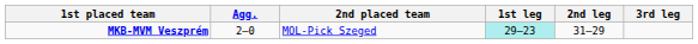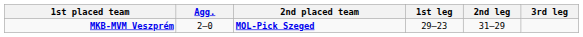 <table class=wikitable style="text-align:center">
 <tr>
 <th width=250>1st placed team</th>
 <th width=80><a href='#'>Agg.</a></th>
 <th width=250>2nd placed team</th>
 <th width=80>1st leg</th>
 <th width=80>2nd leg</th>
 <th width=80>3rd leg</th>
 </tr>
 <tr>
 <td align=right> <strong><a href='#'>MKB-MVM Veszprém</a></strong></td>
 <td>2–0</td>
-<td align=left> <a href='#'>MOL-Pick Szeged</a></td>
-<td style="background: paleturquoise;">29–23</td>
+<td align=left><strong> <a href='#'>MOL-Pick Szeged</a></strong></td>
+<td>29–23</td>
 <td>31–29</td>
 </tr>
 </table>
